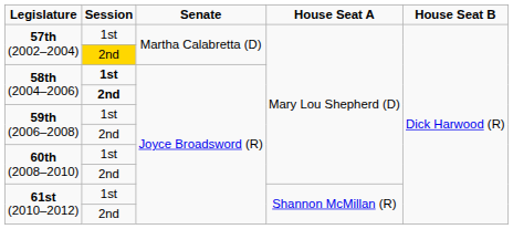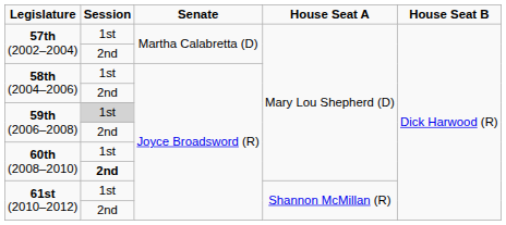 <table class=wikitable style="text-align:center">
 <tr>
 <td><strong>Legislature</strong></td>
 <td><strong>Session</strong></td>
 <td><strong>Senate</strong></td>
 <td><strong>House Seat A</strong></td>
 <td><strong>House Seat B</strong></td>
 </tr>
 <tr>
 <td rowspan="2" colspan="1" style="text-align: center;"><strong>57th</strong> <br> (2002–2004)</td>
 <td>1st</td>
 <td rowspan="2" colspan="1" style="text-align: center;" >Martha Calabretta (D)</td>
 <td rowspan="8" colspan="1" style="text-align: center;" >Mary Lou Shepherd (D)</td>
 <td rowspan="10" colspan="1" style="text-align: center;" ><a href='#'>Dick Harwood</a> (R)</td>
 </tr>
 <tr>
-<td style="background: gold;">2nd</td>
+<td>2nd</td>
 </tr>
 <tr>
 <td rowspan="2" colspan="1" style="text-align: center;"><strong>58th</strong> <br> (2004–2006)</td>
-<td><strong>1st</strong></td>
+<td>1st</td>
 <td rowspan="8" colspan="1" style="text-align: center;" ><a href='#'>Joyce Broadsword</a> (R)</td>
 </tr>
 <tr>
-<td><strong>2nd</strong></td>
+<td>2nd</td>
 </tr>
 <tr>
 <td rowspan="2" colspan="1" style="text-align: center;"><strong>59th</strong> <br> (2006–2008)</td>
-<td>1st</td>
+<td style="background: lightgrey;">1st</td>
 </tr>
 <tr>
 <td>2nd</td>
 </tr>
 <tr>
 <td rowspan="2" colspan="1" style="text-align: center;"><strong>60th</strong> <br> (2008–2010)</td>
 <td>1st</td>
 </tr>
 <tr>
-<td>2nd</td>
+<td><strong>2nd</strong></td>
 </tr>
 <tr>
 <td rowspan="2" colspan="1" style="text-align: center;"><strong>61st</strong> <br> (2010–2012)</td>
 <td>1st</td>
 <td rowspan="10" colspan="1" style="text-align: center;" ><a href='#'>Shannon McMillan</a> (R)</td>
 </tr>
 <tr>
 <td>2nd</td>
 </tr>
 </table>
